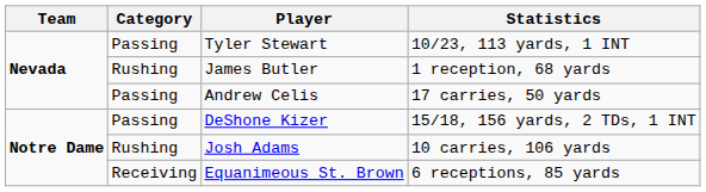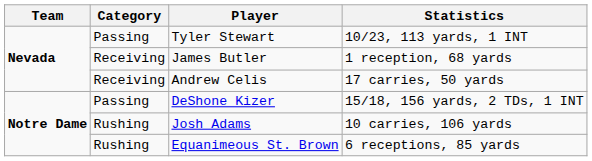 <table class="wikitable" style="float: left;">
 <tr>
 <th>Team</th>
 <th>Category</th>
 <th>Player</th>
 <th>Statistics</th>
 </tr>
 <tr>
 <td rowspan=3><strong>Nevada</strong></td>
 <td>Passing</td>
 <td>Tyler Stewart</td>
 <td>10/23, 113 yards, 1 INT</td>
 </tr>
 <tr>
-<td>Rushing</td>
+<td>Receiving</td>
 <td>James Butler</td>
 <td>1 reception, 68 yards</td>
 </tr>
 <tr>
-<td>Passing</td>
+<td>Receiving</td>
 <td>Andrew Celis</td>
 <td>17 carries, 50 yards</td>
 </tr>
 <tr>
 <td rowspan=3><strong>Notre Dame</strong></td>
 <td>Passing</td>
 <td><a href='#'>DeShone Kizer</a></td>
 <td>15/18, 156 yards, 2 TDs, 1 INT</td>
 </tr>
 <tr>
 <td>Rushing</td>
 <td><a href='#'>Josh Adams</a></td>
 <td>10 carries, 106 yards</td>
 </tr>
 <tr>
-<td>Receiving</td>
+<td>Rushing</td>
 <td><a href='#'>Equanimeous St. Brown</a></td>
 <td>6 receptions, 85 yards</td>
 </tr>
 </table>
